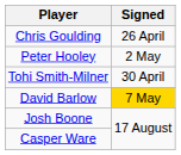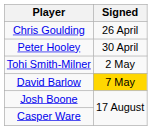 <table class="wikitable sortable sortable" style="text-align: center">
 <tr>
 <th>Player</th>
 <th>Signed</th>
 </tr>
 <tr>
 <td><a href='#'>Chris Goulding</a></td>
 <td>26 April</td>
 </tr>
 <tr>
 <td><a href='#'>Peter Hooley</a></td>
-<td>2 May</td>
+<td>30 April</td>
 </tr>
 <tr>
 <td><a href='#'>Tohi Smith-Milner</a></td>
-<td>30 April</td>
+<td>2 May</td>
 </tr>
 <tr>
 <td><a href='#'>David Barlow</a></td>
 <td style="background: gold;">7 May</td>
 </tr>
 <tr>
 <td><a href='#'>Josh Boone</a></td>
 <td rowspan="2">17 August</td>
 </tr>
 <tr>
 <td><a href='#'>Casper Ware</a></td>
 </tr>
 </table>
